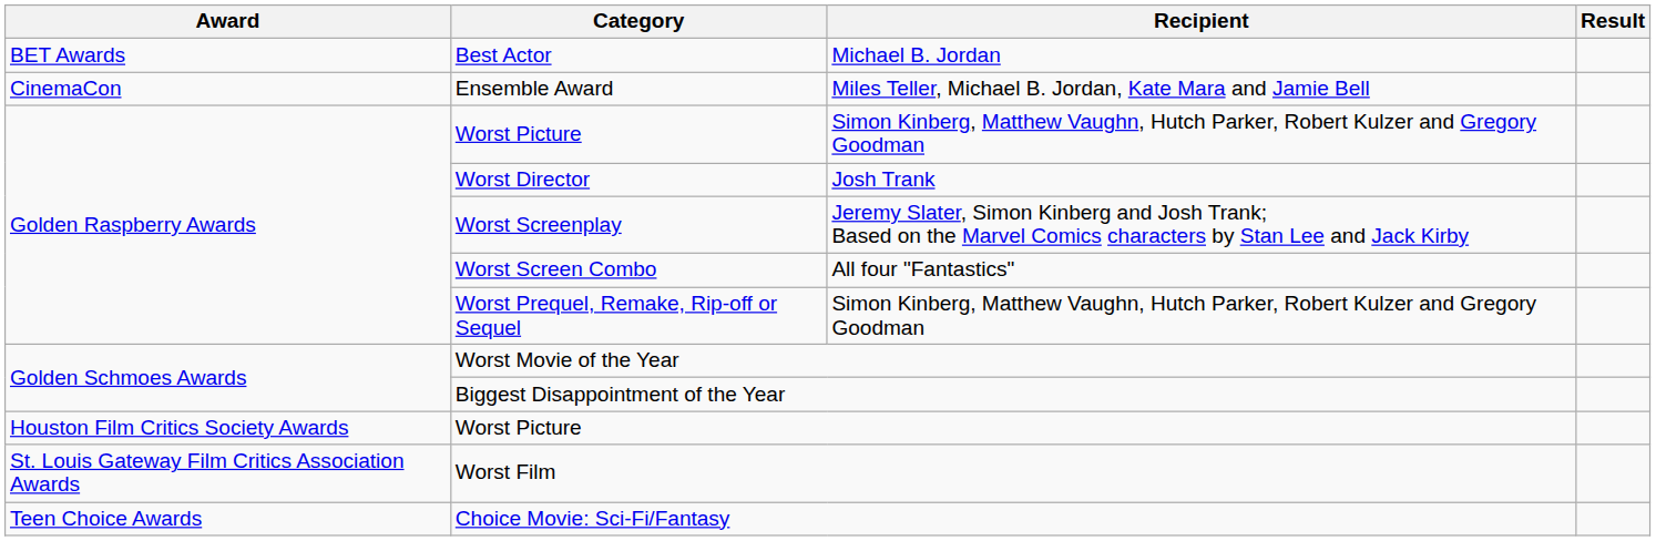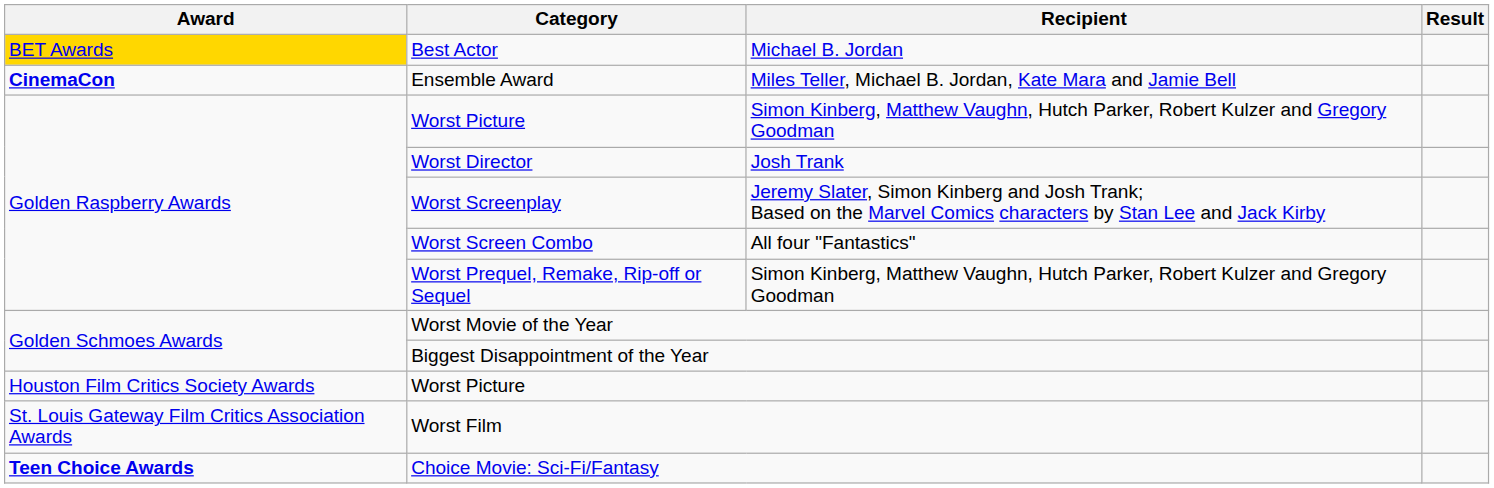 <table class="wikitable sortable">
 <tr>
 <th>Award</th>
 <th>Category</th>
 <th>Recipient</th>
 <th>Result</th>
 </tr>
 <tr>
-<td><a href='#'>BET Awards</a></td>
+<td style="background: gold;"><a href='#'>BET Awards</a></td>
 <td><a href='#'>Best Actor</a></td>
 <td><a href='#'>Michael B. Jordan</a> </td>
 <td></td>
 </tr>
 <tr>
-<td><a href='#'>CinemaCon</a></td>
+<td><strong><a href='#'>CinemaCon</a></strong></td>
 <td>Ensemble Award</td>
 <td><a href='#'>Miles Teller</a>, Michael B. Jordan, <a href='#'>Kate Mara</a> and <a href='#'>Jamie Bell</a></td>
 <td></td>
 </tr>
 <tr>
 <td rowspan="5"><a href='#'>Golden Raspberry Awards</a></td>
 <td><a href='#'>Worst Picture</a></td>
 <td><a href='#'>Simon Kinberg</a>, <a href='#'>Matthew Vaughn</a>, Hutch Parker, Robert Kulzer and <a href='#'>Gregory Goodman</a></td>
 <td></td>
 </tr>
 <tr>
 <td><a href='#'>Worst Director</a></td>
 <td><a href='#'>Josh Trank</a></td>
 <td></td>
 </tr>
 <tr>
 <td><a href='#'>Worst Screenplay</a></td>
 <td><a href='#'>Jeremy Slater</a>, Simon Kinberg and Josh Trank; <br> Based on the <a href='#'>Marvel Comics</a> <a href='#'>characters</a> by <a href='#'>Stan Lee</a> and <a href='#'>Jack Kirby</a></td>
 <td></td>
 </tr>
 <tr>
 <td><a href='#'>Worst Screen Combo</a></td>
 <td>All four "Fantastics" </td>
 <td></td>
 </tr>
 <tr>
 <td><a href='#'>Worst Prequel, Remake, Rip-off or Sequel</a></td>
 <td>Simon Kinberg, Matthew Vaughn, Hutch Parker, Robert Kulzer and Gregory Goodman</td>
 <td></td>
 </tr>
 <tr>
 <td rowspan="2"><a href='#'>Golden Schmoes Awards</a></td>
 <td colspan="2">Worst Movie of the Year</td>
 <td></td>
 </tr>
 <tr>
 <td colspan="2">Biggest Disappointment of the Year</td>
 <td></td>
 </tr>
 <tr>
 <td><a href='#'>Houston Film Critics Society Awards</a></td>
 <td colspan="2">Worst Picture</td>
 <td></td>
 </tr>
 <tr>
 <td><a href='#'>St. Louis Gateway Film Critics Association Awards</a></td>
 <td colspan="2">Worst Film</td>
 <td></td>
 </tr>
 <tr>
-<td><a href='#'>Teen Choice Awards</a></td>
+<td><strong><a href='#'>Teen Choice Awards</a></strong></td>
 <td colspan="2"><a href='#'>Choice Movie: Sci-Fi/Fantasy</a></td>
 <td></td>
 </tr>
 </table>
